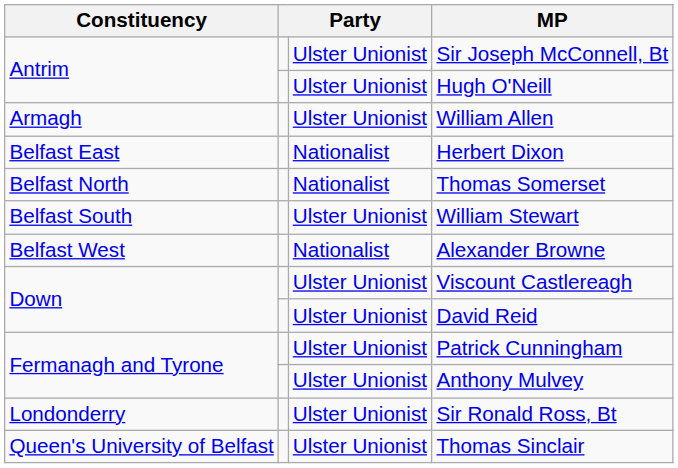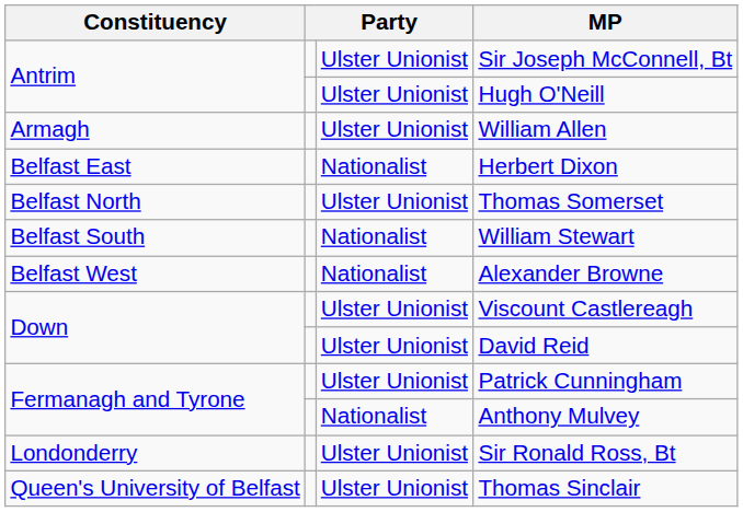 <table class=wikitable>
 <tr>
 <th>Constituency</th>
 <th colspan=2>Party</th>
 <th>MP</th>
 </tr>
 <tr>
 <td rowspan=2><a href='#'>Antrim</a></td>
 <td style="background-color: "></td>
 <td><a href='#'>Ulster Unionist</a></td>
 <td><a href='#'>Sir Joseph McConnell, Bt</a></td>
 </tr>
 <tr>
 <td style="background-color: "></td>
 <td><a href='#'>Ulster Unionist</a></td>
 <td><a href='#'>Hugh O'Neill</a></td>
 </tr>
 <tr>
 <td><a href='#'>Armagh</a></td>
 <td style="background-color: "></td>
 <td><a href='#'>Ulster Unionist</a></td>
 <td><a href='#'>William Allen</a></td>
 </tr>
 <tr>
 <td><a href='#'>Belfast East</a></td>
 <td style="background-color: "></td>
 <td><a href='#'>Nationalist</a></td>
 <td><a href='#'>Herbert Dixon</a></td>
 </tr>
 <tr>
 <td><a href='#'>Belfast North</a></td>
 <td style="background-color: "></td>
-<td><a href='#'>Nationalist</a></td>
+<td><a href='#'>Ulster Unionist</a></td>
 <td><a href='#'>Thomas Somerset</a></td>
 </tr>
 <tr>
 <td><a href='#'>Belfast South</a></td>
 <td style="background-color: "></td>
-<td><a href='#'>Ulster Unionist</a></td>
+<td><a href='#'>Nationalist</a></td>
 <td><a href='#'>William Stewart</a></td>
 </tr>
 <tr>
 <td><a href='#'>Belfast West</a></td>
 <td style="background-color: "></td>
 <td><a href='#'>Nationalist</a></td>
 <td><a href='#'>Alexander Browne</a></td>
 </tr>
 <tr>
 <td rowspan=2><a href='#'>Down</a></td>
 <td style="background-color: "></td>
 <td><a href='#'>Ulster Unionist</a></td>
 <td><a href='#'>Viscount Castlereagh</a></td>
 </tr>
 <tr>
 <td style="background-color: "></td>
 <td><a href='#'>Ulster Unionist</a></td>
 <td><a href='#'>David Reid</a></td>
 </tr>
 <tr>
 <td rowspan=2><a href='#'>Fermanagh and Tyrone</a></td>
 <td style="background-color: "></td>
 <td><a href='#'>Ulster Unionist</a></td>
 <td><a href='#'>Patrick Cunningham</a></td>
 </tr>
 <tr>
 <td style="background-color: "></td>
-<td><a href='#'>Ulster Unionist</a></td>
+<td><a href='#'>Nationalist</a></td>
 <td><a href='#'>Anthony Mulvey</a></td>
 </tr>
 <tr>
 <td><a href='#'>Londonderry</a></td>
 <td style="background-color: "></td>
 <td><a href='#'>Ulster Unionist</a></td>
 <td><a href='#'>Sir Ronald Ross, Bt</a></td>
 </tr>
 <tr>
 <td><a href='#'>Queen's University of Belfast</a></td>
 <td style="background-color: "></td>
 <td><a href='#'>Ulster Unionist</a></td>
 <td><a href='#'>Thomas Sinclair</a></td>
 </tr>
 </table>
